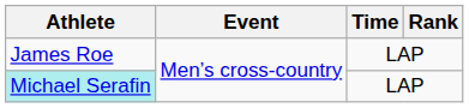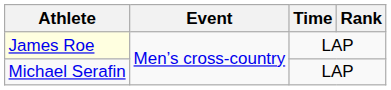 <table class=wikitable style="font-size:90%;">
 <tr>
 <th>Athlete</th>
 <th>Event</th>
 <th>Time</th>
 <th>Rank</th>
 </tr>
 <tr align=center>
-<td align=left><a href='#'>James Roe</a></td>
+<td align=left style="background: lightyellow;"><a href='#'>James Roe</a></td>
 <td align=left rowspan=2><a href='#'>Men’s cross-country</a></td>
 <td colspan=2>LAP</td>
 </tr>
 <tr align=center>
-<td align=left style="background: paleturquoise;"><a href='#'>Michael Serafin</a></td>
+<td align=left><a href='#'>Michael Serafin</a></td>
 <td colspan=2>LAP</td>
 </tr>
 </table>
